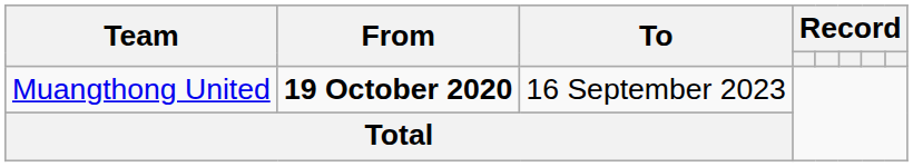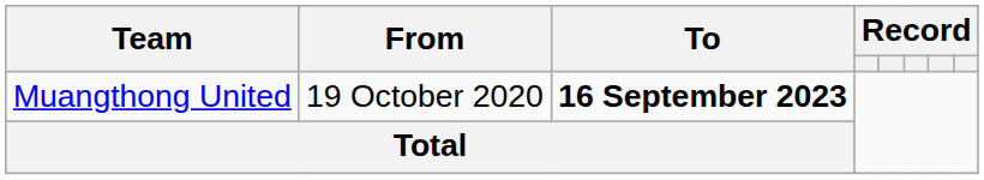 <table class="wikitable" style="text-align: center">
 <tr>
 <th rowspan="2">Team</th>
 <th rowspan="2">From</th>
 <th rowspan="2">To</th>
 <th colspan="5">Record</th>
 </tr>
 <tr>
 <th></th>
 <th></th>
 <th></th>
 <th></th>
 <th></th>
 </tr>
 <tr>
 <td align="left"><a href='#'>Muangthong United</a></td>
-<td align="left"><strong>19 October 2020</strong></td>
-<td align="left">16 September 2023<br></td>
+<td align="left">19 October 2020</td>
+<td align="left"><strong>16 September 2023<br></strong></td>
 </tr>
 <tr>
 <th colspan="3">Total<br></th>
 </tr>
 </table>
